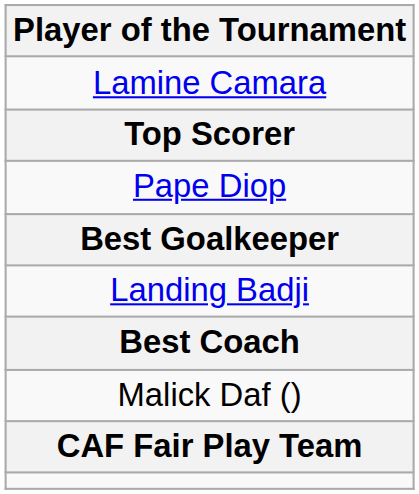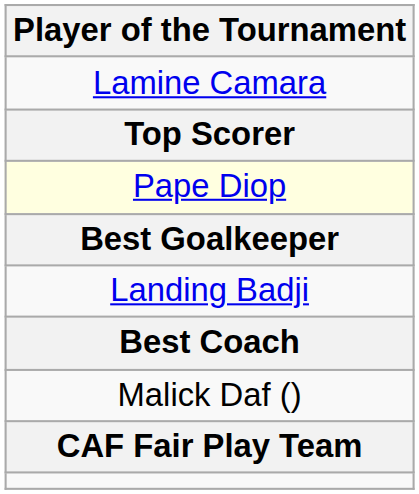 <table class="wikitable" style="margin:auto;text-align:center">
 <tr>
 <th>Player of the Tournament</th>
 </tr>
 <tr>
 <td> <a href='#'>Lamine Camara</a></td>
 </tr>
 <tr>
 <th>Top Scorer</th>
 </tr>
 <tr>
-<td> <a href='#'>Pape Diop</a><br></td>
+<td style="background: lightyellow;"> <a href='#'>Pape Diop</a><br></td>
 </tr>
 <tr>
 <th>Best Goalkeeper</th>
 </tr>
 <tr>
 <td> <a href='#'>Landing Badji</a></td>
 </tr>
 <tr>
 <th>Best Coach</th>
 </tr>
 <tr>
 <td> Malick Daf ()</td>
 </tr>
 <tr>
 <th>CAF Fair Play Team</th>
 </tr>
 <tr>
 <td></td>
 </tr>
 </table>
